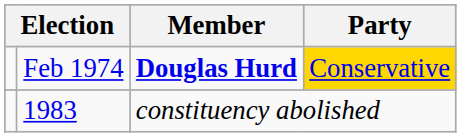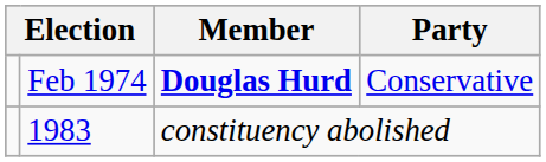 <table class="wikitable">
 <tr>
 <th colspan="2">Election</th>
 <th>Member</th>
 <th>Party</th>
 </tr>
 <tr>
 <td style="color:inherit;background-color: "></td>
 <td><a href='#'>Feb 1974</a></td>
 <td><strong><a href='#'>Douglas Hurd</a></strong></td>
-<td style="background: gold;"><a href='#'>Conservative</a></td>
+<td><a href='#'>Conservative</a></td>
 </tr>
 <tr>
 <td></td>
 <td><a href='#'>1983</a></td>
 <td colspan="2"><em>constituency abolished</em></td>
 </tr>
 </table>
